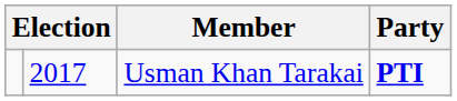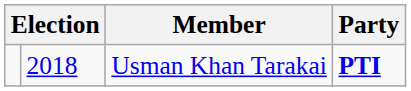 <table class="wikitable">
 <tr>
 <th colspan="2">Election</th>
 <th>Member</th>
 <th>Party</th>
 </tr>
 <tr>
 <td style="background-color: "></td>
-<td><a href='#'>2017</a></td>
+<td><a href='#'>2018</a></td>
 <td><a href='#'>Usman Khan Tarakai</a></td>
 <td><strong><a href='#'>PTI</a></strong></td>
 </tr>
 </table>
